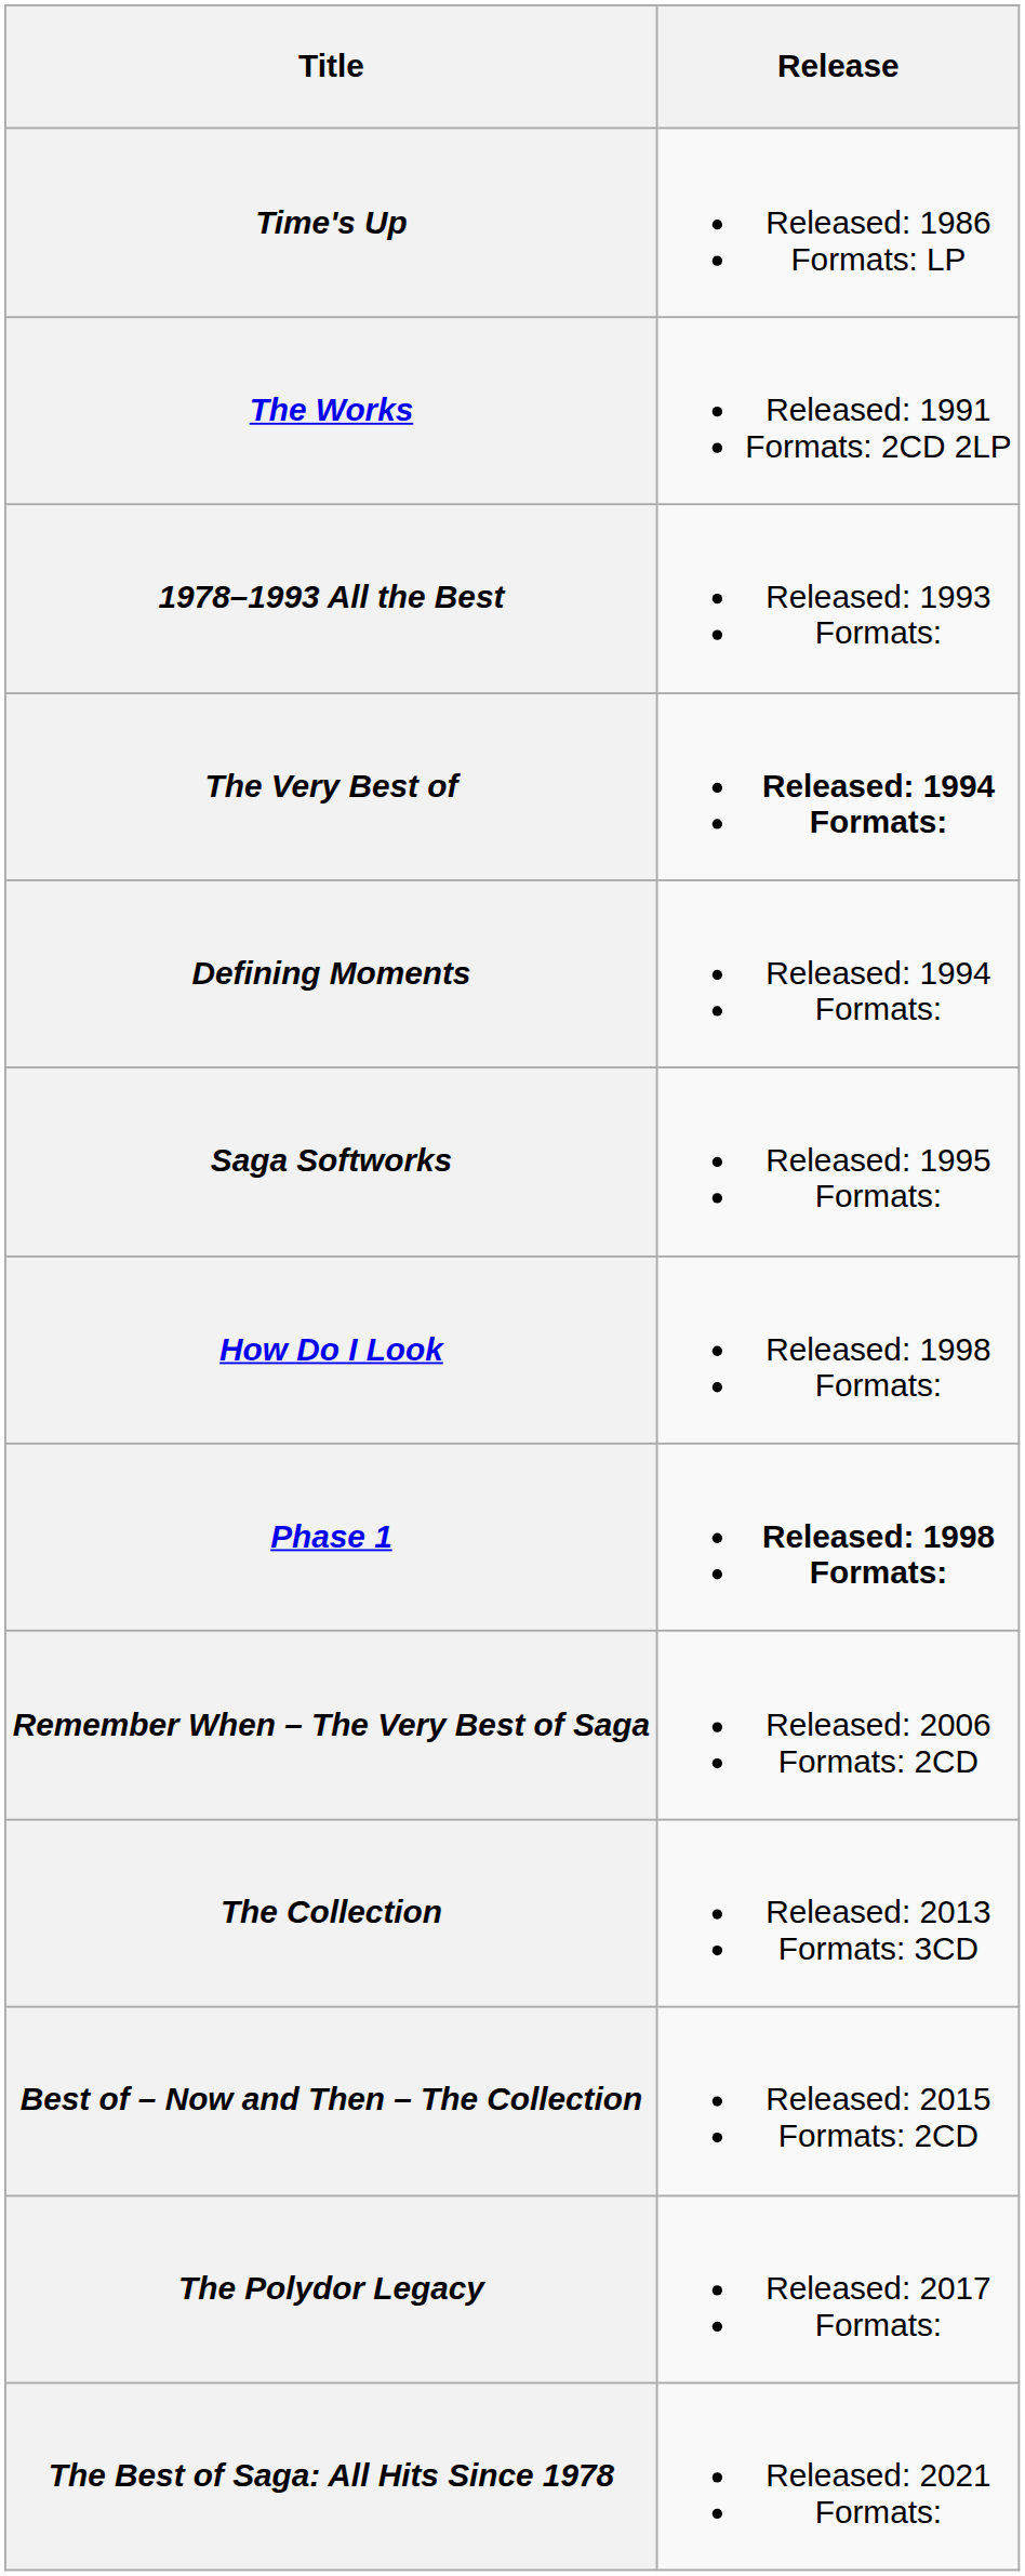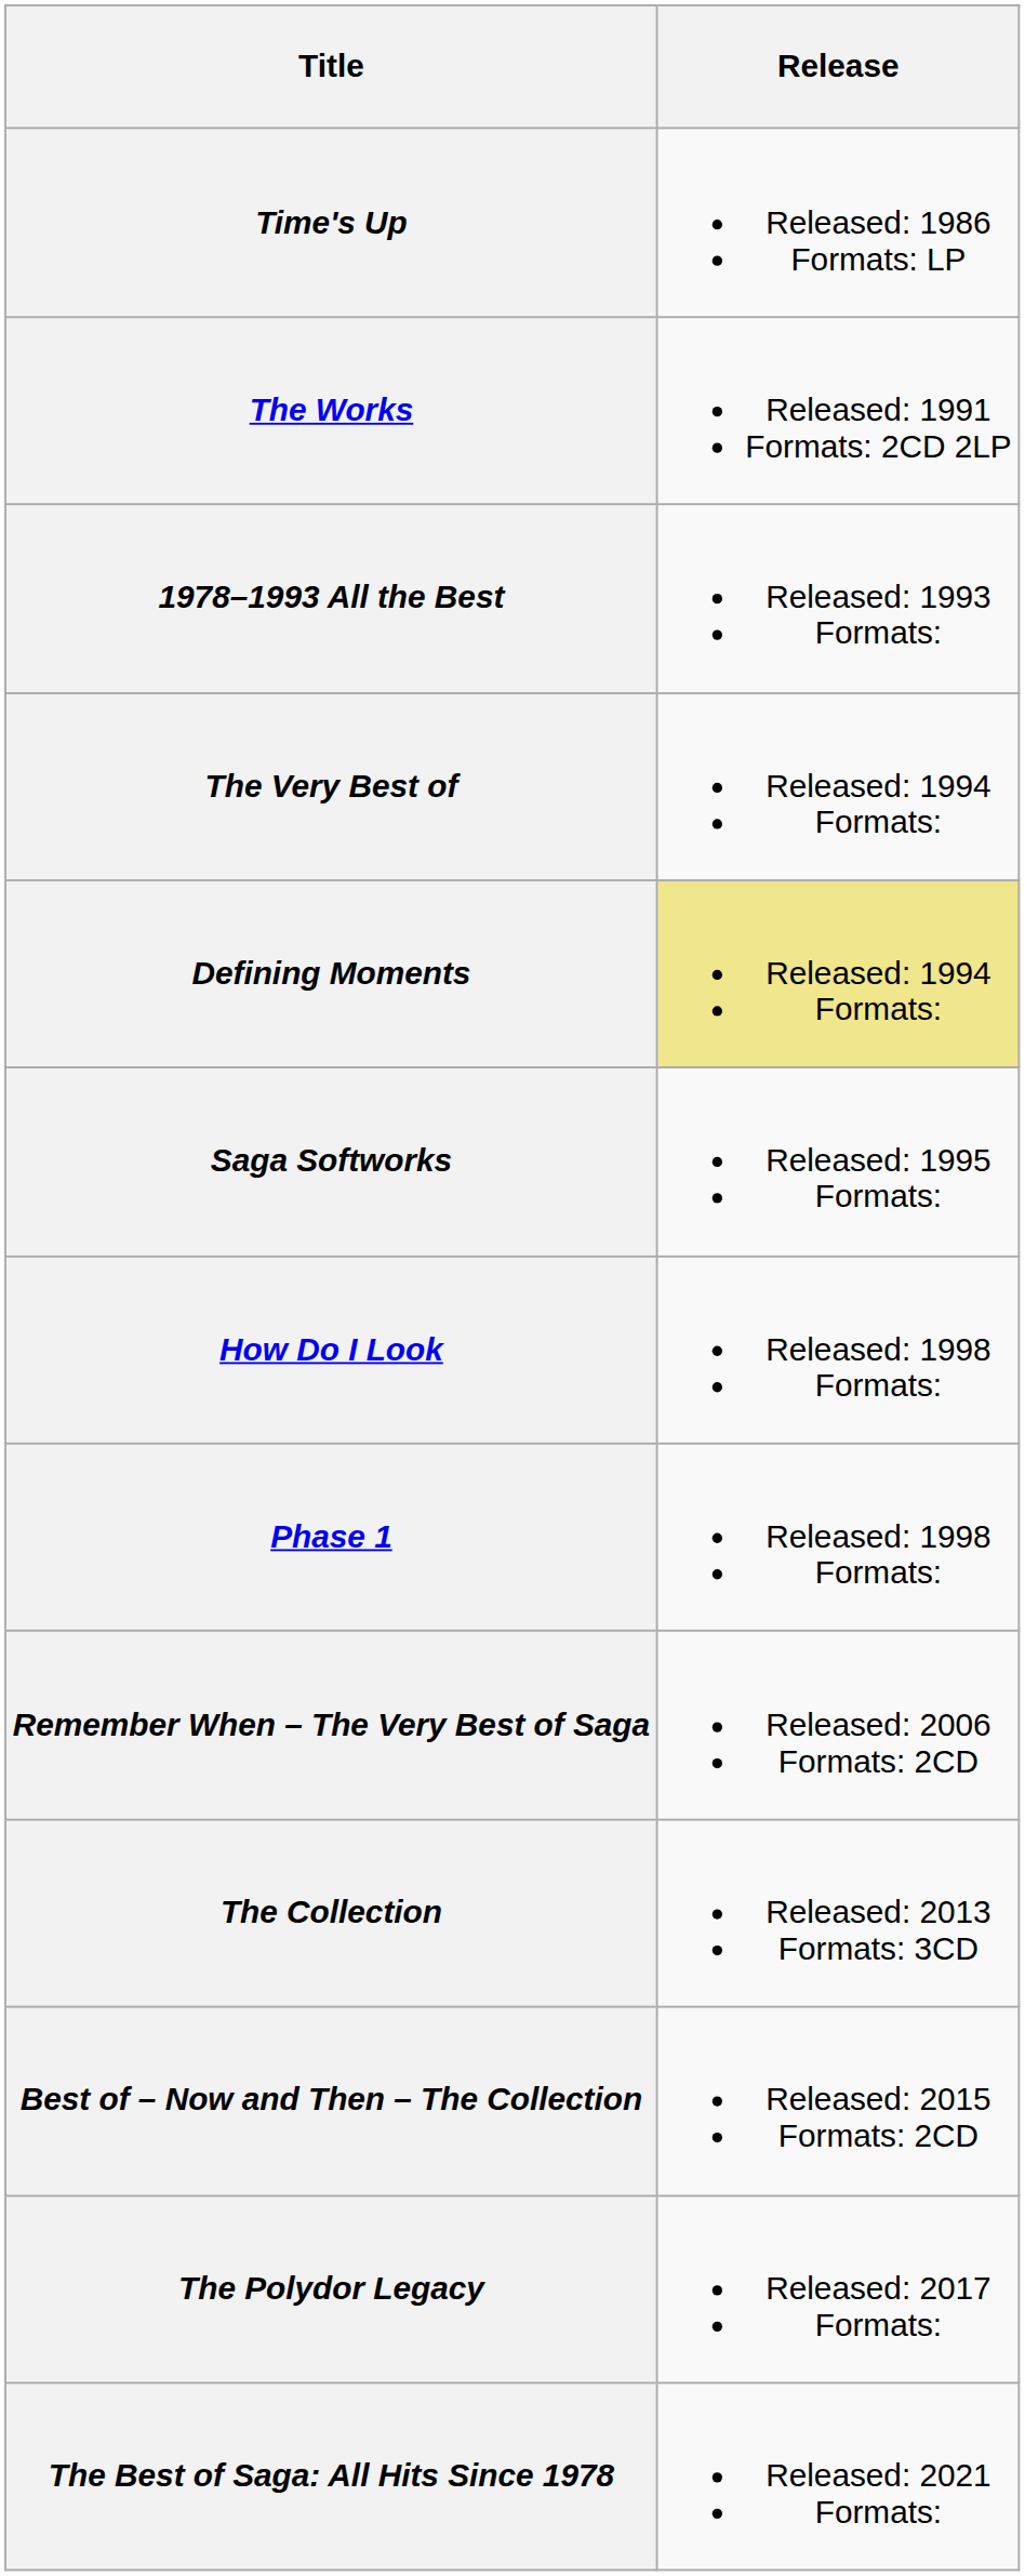 <table class="wikitable plainrowheaders" style="text-align:center;">
 <tr>
 <th scope="col"><br>Title<br><br></th>
 <th scope="col">Release</th>
 </tr>
 <tr>
 <th scope="row"><em>Time's Up</em></th>
 <td><br><ul><li>Released: 1986</li><li>Formats: LP</li></ul></td>
 </tr>
 <tr>
 <th scope="row"><em><a href='#'>The Works</a></em></th>
 <td><br><ul><li>Released: 1991</li><li>Formats: 2CD 2LP</li></ul></td>
 </tr>
 <tr>
 <th scope="row"><em>1978–1993 All the Best</em></th>
 <td><br><ul><li>Released: 1993</li><li>Formats:</li></ul></td>
 </tr>
 <tr>
 <th scope="row"><em>The Very Best of</em></th>
-<td><strong><br><ul><li>Released: 1994</li><li>Formats:</li></ul></strong></td>
+<td><br><ul><li>Released: 1994</li><li>Formats:</li></ul></td>
 </tr>
 <tr>
 <th scope="row"><em>Defining Moments</em></th>
-<td><br><ul><li>Released: 1994</li><li>Formats:</li></ul></td>
+<td style="background: khaki;"><br><ul><li>Released: 1994</li><li>Formats:</li></ul></td>
 </tr>
 <tr>
 <th scope="row"><em>Saga Softworks</em></th>
 <td><br><ul><li>Released: 1995</li><li>Formats:</li></ul></td>
 </tr>
 <tr>
 <th scope="row"><em><a href='#'>How Do I Look</a></em></th>
 <td><br><ul><li>Released: 1998</li><li>Formats:</li></ul></td>
 </tr>
 <tr>
 <th scope="row"><em><a href='#'>Phase 1</a></em></th>
-<td><strong><br><ul><li>Released: 1998</li><li>Formats:</li></ul></strong></td>
+<td><br><ul><li>Released: 1998</li><li>Formats:</li></ul></td>
 </tr>
 <tr>
 <th scope="row"><em>Remember When – The Very Best of Saga</em></th>
 <td><br><ul><li>Released: 2006</li><li>Formats: 2CD</li></ul></td>
 </tr>
 <tr>
 <th scope="row"><em>The Collection</em></th>
 <td><br><ul><li>Released: 2013</li><li>Formats: 3CD</li></ul></td>
 </tr>
 <tr>
 <th scope="row"><em>Best of – Now and Then – The Collection</em></th>
 <td><br><ul><li>Released: 2015</li><li>Formats: 2CD</li></ul></td>
 </tr>
 <tr>
 <th scope="row"><em>The Polydor Legacy</em></th>
 <td><br><ul><li>Released: 2017</li><li>Formats:</li></ul></td>
 </tr>
 <tr>
 <th scope="row"><em>The Best of Saga: All Hits Since 1978</em></th>
 <td><br><ul><li>Released: 2021</li><li>Formats:</li></ul></td>
 </tr>
 </table>
